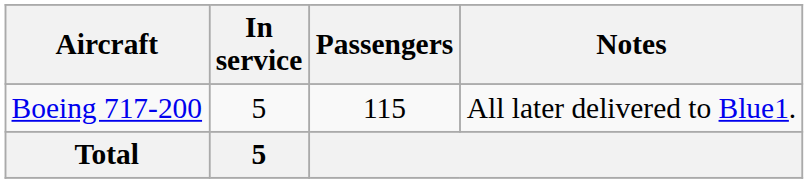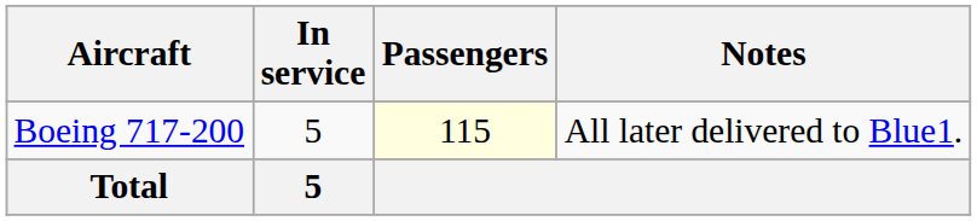 <table class="wikitable" style="text-align:center; margin:0.5em auto;">
 <tr>
 <th>Aircraft</th>
 <th>In<br>service</th>
 <th>Passengers</th>
 <th>Notes</th>
 </tr>
 <tr>
 <td><a href='#'>Boeing 717-200</a></td>
 <td>5</td>
-<td>115</td>
+<td style="background: lightyellow;">115</td>
 <td>All later delivered to <a href='#'>Blue1</a>.</td>
 </tr>
 <tr>
 <th>Total</th>
 <th>5</th>
 <th colspan="2"></th>
 </tr>
 </table>
